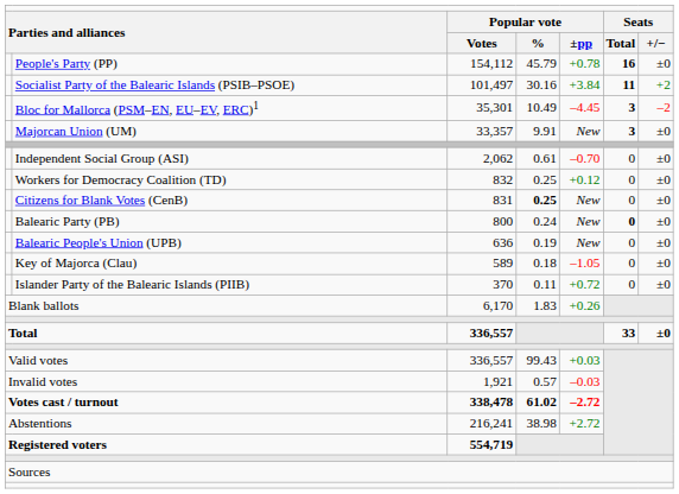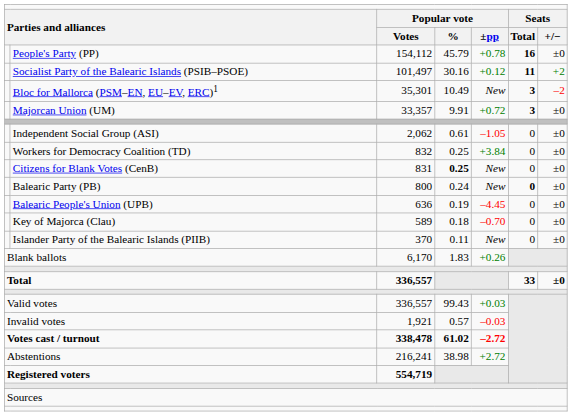 <table class="wikitable" style="text-align:right;">
 <tr>
 <td colspan="7"></td>
 </tr>
 <tr>
 <th style="text-align:left;" rowspan="2" colspan="2" width="525">Parties and alliances</th>
 <th colspan="3">Popular vote</th>
 <th colspan="2">Seats</th>
 </tr>
 <tr>
 <th width="75">Votes</th>
 <th width="45">%</th>
 <th width="45">±<a href='#'>pp</a></th>
 <th width="35">Total</th>
 <th width="35">+/−</th>
 </tr>
 <tr>
 <td width="1" style="color:inherit;background:"></td>
 <td align="left"><a href='#'>People's Party</a> (PP)</td>
 <td>154,112</td>
 <td>45.79</td>
 <td style="color:green;">+0.78</td>
 <td><strong>16</strong></td>
 <td>±0</td>
 </tr>
 <tr>
 <td style="color:inherit;background:"></td>
 <td align="left"><a href='#'>Socialist Party of the Balearic Islands</a> (PSIB–PSOE)</td>
 <td>101,497</td>
 <td>30.16</td>
-<td style="color:green;">+3.84</td>
+<td style="color:green;">+0.12</td>
 <td><strong>11</strong></td>
 <td style="color:green;">+2</td>
 </tr>
 <tr>
 <td style="color:inherit;background:"></td>
 <td align="left"><a href='#'>Bloc for Mallorca</a> (<a href='#'>PSM</a>–<a href='#'>EN</a>, <a href='#'>EU</a>–<a href='#'>EV</a>, <a href='#'>ERC</a>)<sup>1</sup></td>
 <td>35,301</td>
 <td>10.49</td>
-<td style="color:red;">–4.45</td>
+<td><em>New</em></td>
 <td><strong>3</strong></td>
 <td style="color:red;">–2</td>
 </tr>
 <tr>
 <td style="color:inherit;background:"></td>
 <td align="left"><a href='#'>Majorcan Union</a> (UM)</td>
 <td>33,357</td>
 <td>9.91</td>
-<td><em>New</em></td>
+<td style="color:green;">+0.72</td>
 <td><strong>3</strong></td>
 <td>±0</td>
 </tr>
 <tr>
 <td colspan="7" bgcolor="#C0C0C0"></td>
 </tr>
 <tr>
 <td style="color:inherit;background:"></td>
 <td align="left">Independent Social Group (ASI)</td>
 <td>2,062</td>
 <td>0.61</td>
-<td style="color:red;">–0.70</td>
+<td style="color:red;">–1.05</td>
 <td>0</td>
 <td>±0</td>
 </tr>
 <tr>
 <td style="color:inherit;background:"></td>
 <td align="left">Workers for Democracy Coalition (TD)</td>
 <td>832</td>
 <td>0.25</td>
-<td style="color:green;">+0.12</td>
+<td style="color:green;">+3.84</td>
 <td>0</td>
 <td>±0</td>
 </tr>
 <tr>
 <td style="color:inherit;background:"></td>
 <td align="left"><a href='#'>Citizens for Blank Votes</a> (CenB)</td>
 <td>831</td>
 <td><strong>0.25</strong></td>
 <td><em>New</em></td>
 <td>0</td>
 <td>±0</td>
 </tr>
 <tr>
 <td style="color:inherit;background:"></td>
 <td align="left">Balearic Party (PB)</td>
 <td>800</td>
 <td>0.24</td>
 <td><em>New</em></td>
 <td><strong>0</strong></td>
 <td>±0</td>
 </tr>
 <tr>
 <td style="color:inherit;background:"></td>
 <td align="left"><a href='#'>Balearic People's Union</a> (UPB)</td>
 <td>636</td>
 <td>0.19</td>
-<td><em>New</em></td>
+<td style="color:red;">–4.45</td>
 <td>0</td>
 <td>±0</td>
 </tr>
 <tr>
 <td style="color:inherit;background:"></td>
 <td align="left">Key of Majorca (Clau)</td>
 <td>589</td>
 <td>0.18</td>
-<td style="color:red;">–1.05</td>
+<td style="color:red;">–0.70</td>
 <td>0</td>
 <td>±0</td>
 </tr>
 <tr>
 <td style="color:inherit;background:"></td>
 <td align="left">Islander Party of the Balearic Islands (PIIB)</td>
 <td>370</td>
 <td>0.11</td>
-<td style="color:green;">+0.72</td>
+<td><em>New</em></td>
 <td>0</td>
 <td>±0</td>
 </tr>
 <tr>
 <td align="left" colspan="2">Blank ballots</td>
 <td>6,170</td>
 <td>1.83</td>
 <td style="color:green;">+0.26</td>
 <td bgcolor="#E9E9E9" colspan="2"></td>
 </tr>
 <tr>
 <td colspan="7" bgcolor="#E9E9E9"></td>
 </tr>
 <tr style="font-weight:bold;">
 <td align="left" colspan="2">Total</td>
 <td>336,557</td>
 <td bgcolor="#E9E9E9" colspan="2"></td>
 <td>33</td>
 <td>±0</td>
 </tr>
 <tr>
 <td colspan="7" bgcolor="#E9E9E9"></td>
 </tr>
 <tr>
 <td align="left" colspan="2">Valid votes</td>
 <td>336,557</td>
 <td>99.43</td>
 <td style="color:green;">+0.03</td>
 <td bgcolor="#E9E9E9" colspan="2" rowspan="5"></td>
 </tr>
 <tr>
 <td align="left" colspan="2">Invalid votes</td>
 <td>1,921</td>
 <td>0.57</td>
 <td style="color:red;">–0.03</td>
 </tr>
 <tr style="font-weight:bold;">
 <td align="left" colspan="2">Votes cast / turnout</td>
 <td>338,478</td>
 <td>61.02</td>
 <td style="color:red;">–2.72</td>
 </tr>
 <tr>
 <td align="left" colspan="2">Abstentions</td>
 <td>216,241</td>
 <td>38.98</td>
 <td style="color:green;">+2.72</td>
 </tr>
 <tr style="font-weight:bold;">
 <td align="left" colspan="2">Registered voters</td>
 <td>554,719</td>
 <td bgcolor="#E9E9E9" colspan="2"></td>
 </tr>
 <tr>
 <td colspan="7" bgcolor="#E9E9E9"></td>
 </tr>
 <tr>
 <td align="left" colspan="7">Sources</td>
 </tr>
 <tr>
 <td colspan="7" style="text-align:left; max-width:790px;"></td>
 </tr>
 </table>
